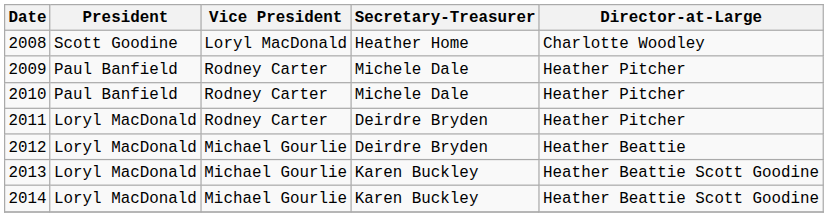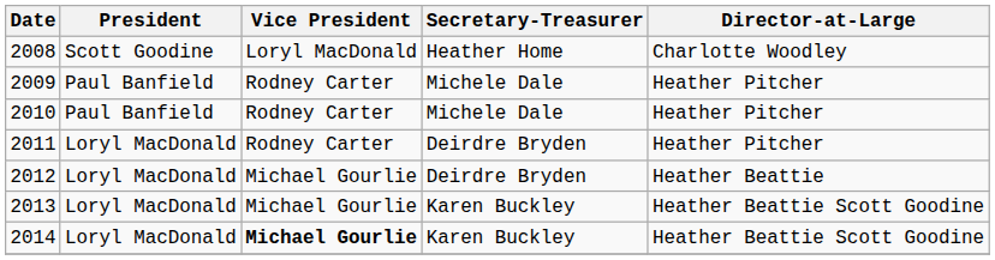 <table class="wikitable sortable">
 <tr>
 <th>Date</th>
 <th>President</th>
 <th>Vice President</th>
 <th>Secretary-Treasurer</th>
 <th>Director-at-Large</th>
 </tr>
 <tr>
 <td>2008</td>
 <td>Scott Goodine</td>
 <td>Loryl MacDonald</td>
 <td>Heather Home</td>
 <td>Charlotte Woodley</td>
 </tr>
 <tr>
 <td>2009</td>
 <td>Paul Banfield</td>
 <td>Rodney Carter</td>
 <td>Michele Dale</td>
 <td>Heather Pitcher</td>
 </tr>
 <tr>
 <td>2010</td>
 <td>Paul Banfield</td>
 <td>Rodney Carter</td>
 <td>Michele Dale</td>
 <td>Heather Pitcher</td>
 </tr>
 <tr>
 <td>2011</td>
 <td>Loryl MacDonald</td>
 <td>Rodney Carter</td>
 <td>Deirdre Bryden</td>
 <td>Heather Pitcher</td>
 </tr>
 <tr>
 <td>2012</td>
 <td>Loryl MacDonald</td>
 <td>Michael Gourlie</td>
 <td>Deirdre Bryden</td>
 <td>Heather Beattie</td>
 </tr>
 <tr>
 <td>2013</td>
 <td>Loryl MacDonald</td>
 <td>Michael Gourlie</td>
 <td>Karen Buckley</td>
 <td>Heather Beattie Scott Goodine</td>
 </tr>
 <tr>
 <td>2014</td>
 <td>Loryl MacDonald</td>
-<td>Michael Gourlie</td>
+<td><strong>Michael Gourlie</strong></td>
 <td>Karen Buckley</td>
 <td>Heather Beattie Scott Goodine</td>
 </tr>
 <tr>
 </tr>
 </table>
